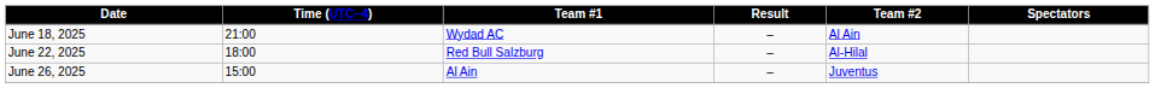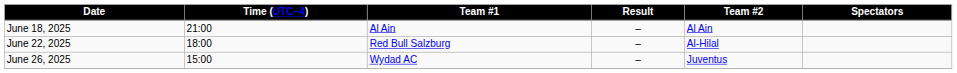 <table class="wikitable" style="text-align:left; width:95%;" style="text-align:center">
 <tr>
 <th style="text-align:center;  background:#000; color:#fff; ">Date</th>
 <th style="text-align:center;  background:#000; color:#fff; ">Time (<a href='#'>UTC−4</a>)</th>
 <th style="text-align:center;  background:#000; color:#fff; ">Team #1</th>
 <th style="text-align:center;  background:#000; color:#fff; ">Result</th>
 <th style="text-align:center;  background:#000; color:#fff; ">Team #2</th>
 <th style="text-align:center;  background:#000; color:#fff; ">Spectators</th>
 </tr>
 <tr>
 <td>June 18, 2025</td>
 <td>21:00</td>
-<td><a href='#'>Wydad AC</a> </td>
+<td><a href='#'>Al Ain</a> </td>
 <td style="text-align:center;">–</td>
 <td> <a href='#'>Al Ain</a></td>
 <td style="text-align:center;"></td>
 </tr>
 <tr>
 <td>June 22, 2025</td>
 <td>18:00</td>
 <td><a href='#'>Red Bull Salzburg</a> </td>
 <td style="text-align:center;">–</td>
 <td> <a href='#'>Al-Hilal</a></td>
 <td style="text-align:center;"></td>
 </tr>
 <tr>
 <td>June 26, 2025</td>
 <td>15:00</td>
-<td><a href='#'>Al Ain</a> </td>
+<td><a href='#'>Wydad AC</a> </td>
 <td style="text-align:center;">–</td>
 <td> <a href='#'>Juventus</a></td>
 <td style="text-align:center;"></td>
 </tr>
 <tr>
 </tr>
 </table>
